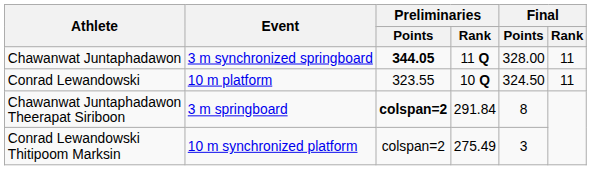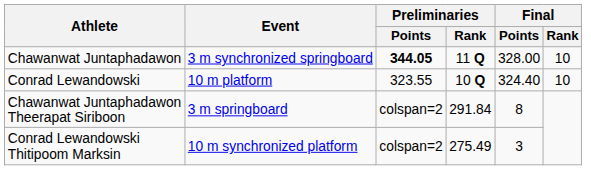 <table class=wikitable style=font-size:90%;text-align:center>
 <tr>
 <th rowspan="2">Athlete</th>
 <th rowspan="2">Event</th>
 <th colspan="2">Preliminaries</th>
 <th colspan="2">Final</th>
 </tr>
 <tr style="font-size:95%">
 <th>Points</th>
 <th>Rank</th>
 <th>Points</th>
 <th>Rank</th>
 </tr>
 <tr>
 <td align=left>Chawanwat Juntaphadawon</td>
 <td align=left><a href='#'>3 m synchronized springboard</a></td>
 <td><strong>344.05</strong></td>
 <td>11 <strong>Q</strong></td>
 <td>328.00</td>
-<td>11</td>
+<td>10</td>
 </tr>
 <tr>
 <td align=left>Conrad Lewandowski</td>
 <td align=left><a href='#'>10 m platform</a></td>
 <td>323.55</td>
 <td>10 <strong>Q</strong></td>
-<td>324.50</td>
-<td>11</td>
+<td>324.40</td>
+<td>10</td>
 </tr>
 <tr>
 <td align=left>Chawanwat Juntaphadawon<br>Theerapat Siriboon</td>
 <td align=left><a href='#'>3 m springboard</a></td>
-<td><strong>colspan=2 </strong></td>
+<td>colspan=2 </td>
 <td>291.84</td>
 <td>8</td>
 </tr>
 <tr>
 <td align=left>Conrad Lewandowski<br>Thitipoom Marksin</td>
 <td align=left><a href='#'>10 m synchronized platform</a></td>
 <td>colspan=2 </td>
 <td>275.49</td>
 <td>3</td>
 </tr>
 </table>
